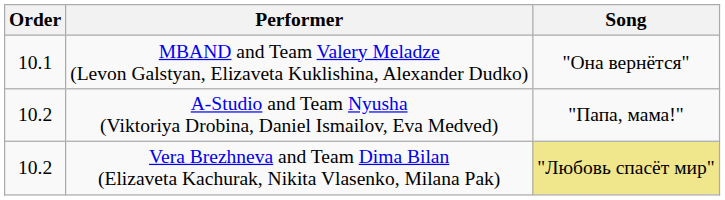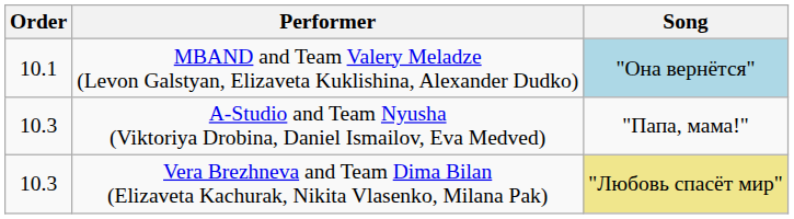 <table class="wikitable" style="text-align:center;">
 <tr>
 <th>Order</th>
 <th>Performer</th>
 <th>Song</th>
 </tr>
 <tr>
 <td>10.1</td>
 <td><a href='#'>MBAND</a> and Team <a href='#'>Valery Meladze</a> <br> (Levon Galstyan, Elizaveta Kuklishina, Alexander Dudko)</td>
-<td>"Она вернётся"</td>
+<td style="background: lightblue;">"Она вернётся"</td>
 </tr>
 <tr>
-<td>10.2</td>
+<td>10.3</td>
 <td><a href='#'>A-Studio</a> and Team <a href='#'>Nyusha</a> <br> (Viktoriya Drobina, Daniel Ismailov, Eva Medved)</td>
 <td>"Папа, мама!"</td>
 </tr>
 <tr>
-<td>10.2</td>
+<td>10.3</td>
 <td><a href='#'>Vera Brezhneva</a> and Team <a href='#'>Dima Bilan</a> <br> (Elizaveta Kachurak, Nikita Vlasenko, Milana Pak)</td>
 <td style="background: khaki;">"Любовь спасёт мир"</td>
 </tr>
 </table>
